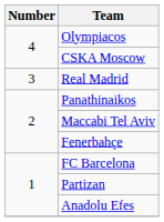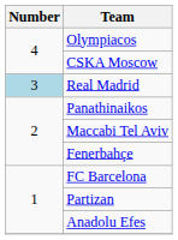 <table class="wikitable sortable">
 <tr>
 <th>Number</th>
 <th>Team</th>
 </tr>
 <tr>
 <td rowspan="2" style="text-align:center;">4</td>
 <td> <a href='#'>Olympiacos</a></td>
 </tr>
 <tr>
 <td> <a href='#'>CSKA Moscow</a></td>
 </tr>
 <tr>
-<td style="text-align:center;">3</td>
+<td style="background: lightblue; text-align:center;">3</td>
 <td> <a href='#'>Real Madrid</a></td>
 </tr>
 <tr>
 <td rowspan="3" style="text-align:center;">2</td>
 <td> <a href='#'>Panathinaikos</a></td>
 </tr>
 <tr>
 <td> <a href='#'>Maccabi Tel Aviv</a></td>
 </tr>
 <tr>
 <td> <a href='#'>Fenerbahçe</a></td>
 </tr>
 <tr>
 <td rowspan=3 style="text-align:center;">1</td>
 <td> <a href='#'>FC Barcelona</a></td>
 </tr>
 <tr>
 <td> <a href='#'>Partizan</a></td>
 </tr>
 <tr>
 <td> <a href='#'>Anadolu Efes</a></td>
 </tr>
 <tr>
 </tr>
 </table>
